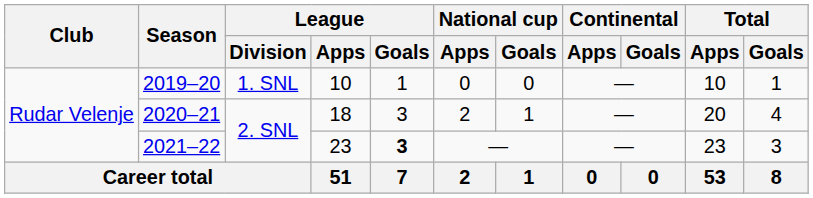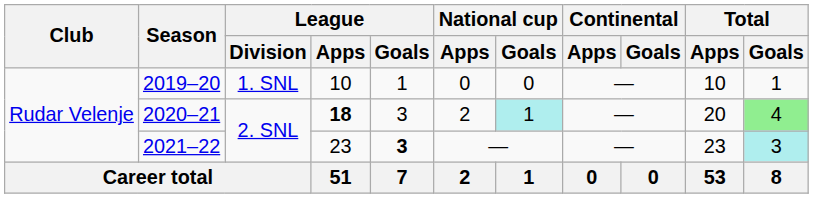 <table class="wikitable" style="text-align: center">
 <tr>
 <th rowspan="2">Club</th>
 <th rowspan="2">Season</th>
 <th colspan="3">League</th>
 <th colspan="2">National cup</th>
 <th colspan="2">Continental</th>
 <th colspan="2">Total</th>
 </tr>
 <tr>
 <th>Division</th>
 <th>Apps</th>
 <th>Goals</th>
 <th>Apps</th>
 <th>Goals</th>
 <th>Apps</th>
 <th>Goals</th>
 <th>Apps</th>
 <th>Goals</th>
 </tr>
 <tr>
 <td rowspan="3"><a href='#'>Rudar Velenje</a></td>
 <td><a href='#'>2019–20</a></td>
 <td><a href='#'>1. SNL</a></td>
 <td>10</td>
 <td>1</td>
 <td>0</td>
 <td>0</td>
 <td colspan="2">—</td>
 <td>10</td>
 <td>1</td>
 </tr>
 <tr>
 <td><a href='#'>2020–21</a></td>
 <td rowspan="2"><a href='#'>2. SNL</a></td>
-<td>18</td>
+<td><strong>18</strong></td>
 <td>3</td>
 <td>2</td>
-<td>1</td>
+<td style="background: paleturquoise;">1</td>
 <td colspan="2">—</td>
 <td>20</td>
-<td>4</td>
+<td style="background: lightgreen;">4</td>
 </tr>
 <tr>
 <td><a href='#'>2021–22</a></td>
 <td>23</td>
 <td><strong>3</strong></td>
 <td colspan="2">—</td>
 <td colspan="2">—</td>
 <td>23</td>
-<td>3</td>
+<td style="background: paleturquoise;">3</td>
 </tr>
 <tr>
 <th colspan=3>Career total</th>
 <th>51</th>
 <th>7</th>
 <th>2</th>
 <th>1</th>
 <th>0</th>
 <th>0</th>
 <th>53</th>
 <th>8</th>
 </tr>
 </table>
